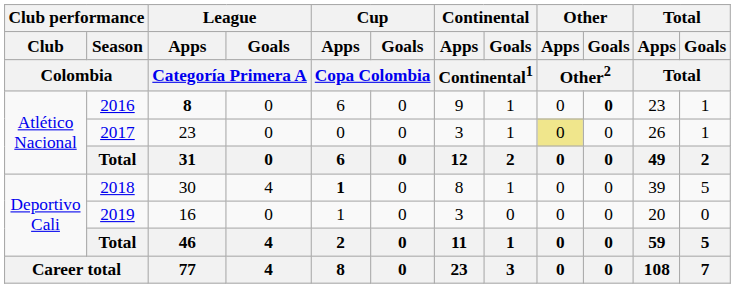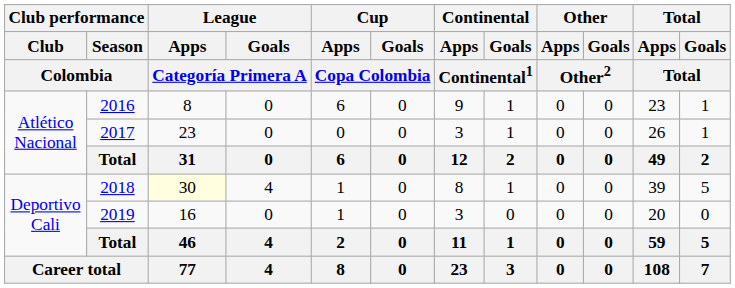 <table class="wikitable" style="text-align:center">
 <tr>
 <th colspan=2>Club performance</th>
 <th colspan=2>League</th>
 <th colspan=2>Cup</th>
 <th colspan=2>Continental</th>
 <th colspan=2>Other</th>
 <th colspan=2>Total</th>
 </tr>
 <tr>
 <th>Club</th>
 <th>Season</th>
 <th>Apps</th>
 <th>Goals</th>
 <th>Apps</th>
 <th>Goals</th>
 <th>Apps</th>
 <th>Goals</th>
 <th>Apps</th>
 <th>Goals</th>
 <th>Apps</th>
 <th>Goals</th>
 </tr>
 <tr>
 <th colspan=2>Colombia</th>
 <th colspan=2><a href='#'>Categoría Primera A</a></th>
 <th colspan=2><a href='#'>Copa Colombia</a></th>
 <th colspan=2>Continental<sup>1</sup></th>
 <th colspan=2>Other<sup>2</sup></th>
 <th colspan=2>Total</th>
 </tr>
 <tr>
 <td rowspan="3"><a href='#'>Atlético<br>Nacional</a></td>
 <td><a href='#'>2016</a></td>
-<td><strong>8</strong></td>
+<td>8</td>
 <td>0</td>
 <td>6</td>
 <td>0</td>
 <td>9</td>
 <td>1</td>
 <td>0</td>
-<td><strong>0</strong></td>
+<td>0</td>
 <td>23</td>
 <td>1</td>
 </tr>
 <tr>
 <td><a href='#'>2017</a></td>
 <td>23</td>
 <td>0</td>
 <td>0</td>
 <td>0</td>
 <td>3</td>
 <td>1</td>
-<td style="background: khaki;">0</td>
+<td>0</td>
 <td>0</td>
 <td>26</td>
 <td>1</td>
 </tr>
 <tr>
 <th rowspan=1>Total</th>
 <th>31</th>
 <th>0</th>
 <th>6</th>
 <th>0</th>
 <th>12</th>
 <th>2</th>
 <th>0</th>
 <th>0</th>
 <th>49</th>
 <th>2</th>
 </tr>
 <tr>
 <td rowspan="3"><a href='#'>Deportivo<br>Cali</a></td>
 <td><a href='#'>2018</a></td>
-<td>30</td>
+<td style="background: lightyellow;">30</td>
 <td>4</td>
-<td><strong>1</strong></td>
+<td>1</td>
 <td>0</td>
 <td>8</td>
 <td>1</td>
 <td>0</td>
 <td>0</td>
 <td>39</td>
 <td>5</td>
 </tr>
 <tr>
 <td><a href='#'>2019</a></td>
 <td>16</td>
 <td>0</td>
 <td>1</td>
 <td>0</td>
 <td>3</td>
 <td>0</td>
 <td>0</td>
 <td>0</td>
 <td>20</td>
 <td>0</td>
 </tr>
 <tr>
 <th rowspan=1>Total</th>
 <th>46</th>
 <th>4</th>
 <th>2</th>
 <th>0</th>
 <th>11</th>
 <th>1</th>
 <th>0</th>
 <th>0</th>
 <th>59</th>
 <th>5</th>
 </tr>
 <tr>
 <th colspan=2>Career total</th>
 <th>77</th>
 <th>4</th>
 <th>8</th>
 <th>0</th>
 <th>23</th>
 <th>3</th>
 <th>0</th>
 <th>0</th>
 <th>108</th>
 <th>7</th>
 </tr>
 </table>
